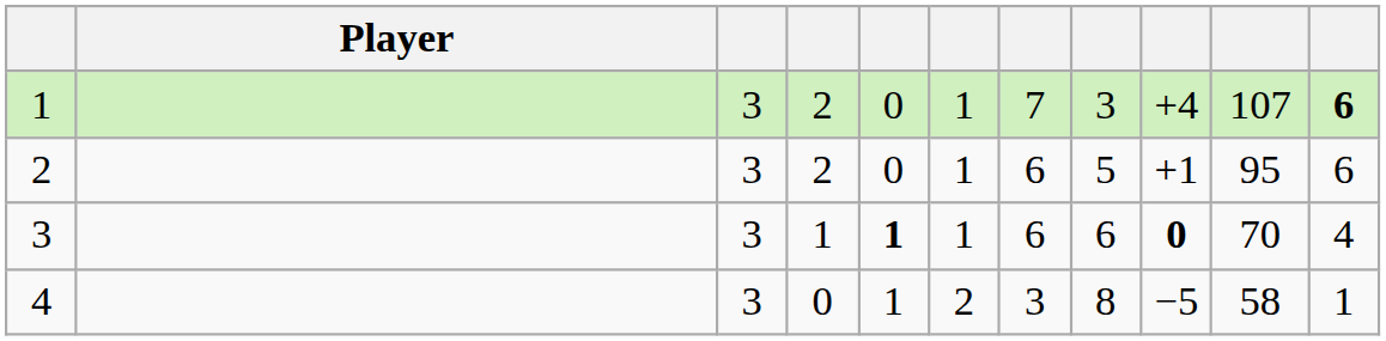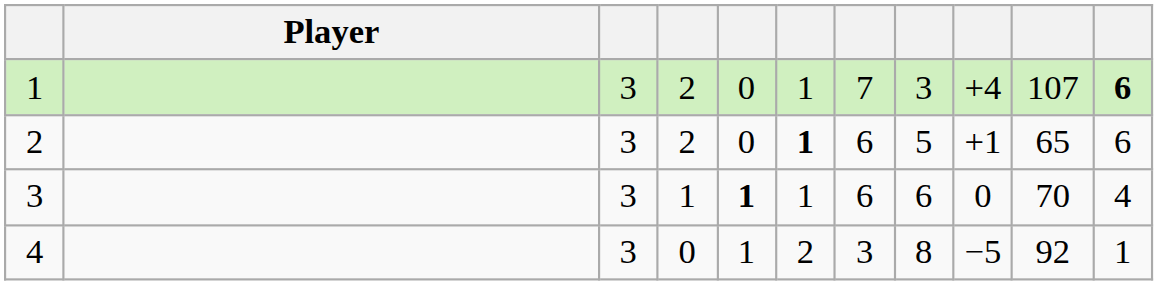 <table class="wikitable" style="text-align:center; margin: 1em auto 1em auto, align:left">
 <tr>
 <th width=20></th>
 <th width=240>Player</th>
 <th width=20></th>
 <th width=20></th>
 <th width=20></th>
 <th width=20></th>
 <th width=20></th>
 <th width=20></th>
 <th width=20></th>
 <th width=30></th>
 <th width=20></th>
 </tr>
 <tr style="background:#D0F0C0;">
 <td>1</td>
 <td align=left></td>
 <td>3</td>
 <td>2</td>
 <td>0</td>
 <td>1</td>
 <td>7</td>
 <td>3</td>
 <td>+4</td>
 <td>107</td>
 <td><strong>6</strong></td>
 </tr>
 <tr style=>
 <td>2</td>
 <td align=left></td>
 <td>3</td>
 <td>2</td>
 <td>0</td>
-<td>1</td>
+<td><strong>1</strong></td>
 <td>6</td>
 <td>5</td>
 <td>+1</td>
-<td>95</td>
+<td>65</td>
 <td>6</td>
 </tr>
 <tr style=>
 <td>3</td>
 <td align=left></td>
 <td>3</td>
 <td>1</td>
 <td><strong>1</strong></td>
 <td>1</td>
 <td>6</td>
 <td>6</td>
-<td><strong>0</strong></td>
+<td>0</td>
 <td>70</td>
 <td>4</td>
 </tr>
 <tr style=>
 <td>4</td>
 <td align=left></td>
 <td>3</td>
 <td>0</td>
 <td>1</td>
 <td>2</td>
 <td>3</td>
 <td>8</td>
 <td>−5</td>
-<td>58</td>
+<td>92</td>
 <td>1</td>
 </tr>
 </table>
